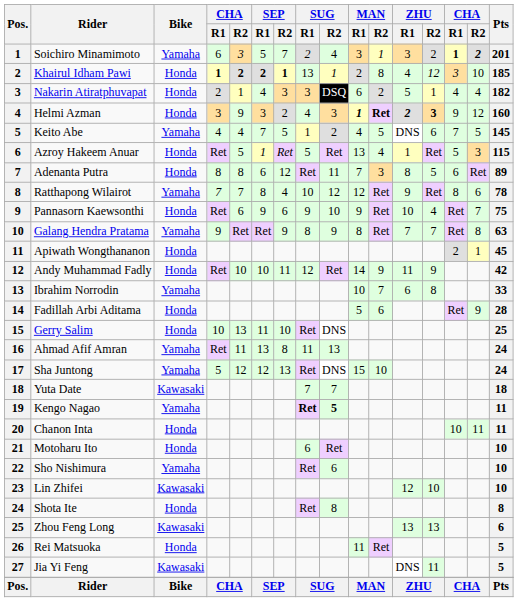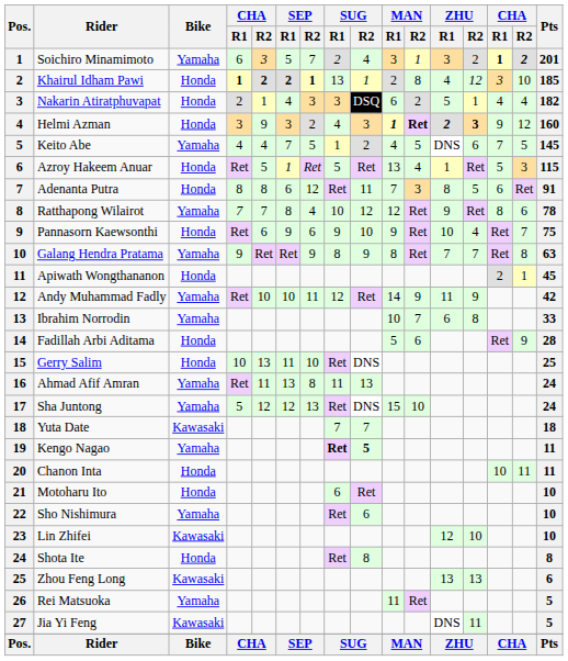 <table class="wikitable" style="font-size: 85%; text-align: center">
 <tr valign="top">
 <th valign="middle" rowspan=2>Pos.</th>
 <th valign="middle" rowspan=2>Rider</th>
 <th valign="middle" rowspan=2>Bike</th>
 <th colspan=2><a href='#'>CHA</a><br></th>
 <th colspan=2><a href='#'>SEP</a><br></th>
 <th colspan=2><a href='#'>SUG</a><br></th>
 <th colspan=2><a href='#'>MAN</a><br></th>
 <th colspan=2><a href='#'>ZHU</a><br></th>
 <th colspan=2><a href='#'>CHA</a><br></th>
 <th valign="middle" rowspan=2>Pts</th>
 </tr>
 <tr>
 <th>R1</th>
 <th>R2</th>
 <th>R1</th>
 <th>R2</th>
 <th>R1</th>
 <th>R2</th>
 <th>R1</th>
 <th>R2</th>
 <th>R1</th>
 <th>R2</th>
 <th>R1</th>
 <th>R2</th>
 </tr>
 <tr>
 <th>1</th>
 <td align=left> Soichiro Minamimoto</td>
 <td><a href='#'>Yamaha</a></td>
 <td style="background:#dfffdf;">6</td>
 <td style="background:#ffdf9f;"><em>3</em></td>
 <td style="background:#dfffdf;">5</td>
 <td style="background:#dfffdf;">7</td>
 <td style="background:#dfdfdf;"><em>2</em></td>
 <td style="background:#dfffdf;">4</td>
 <td style="background:#ffdf9d;">3</td>
 <td style="background:#ffffbf;"><em>1</em></td>
 <td style="background:#ffdf9f;">3</td>
 <td style="background:#dfdfdf;">2</td>
 <td style="background:#ffffbf;"><strong>1</strong></td>
 <td style="background:#dfdfdf;"><strong><em>2</em></strong></td>
 <th>201</th>
 </tr>
 <tr>
 <th>2</th>
 <td align=left> <a href='#'>Khairul Idham Pawi</a></td>
 <td><a href='#'>Honda</a></td>
 <td style="background:#ffffbf;"><strong>1</strong></td>
 <td style="background:#dfdfdf;"><strong>2</strong></td>
 <td style="background:#dfdfdf;"><strong>2</strong></td>
 <td style="background:#ffffbf;"><strong>1</strong></td>
 <td style="background:#dfffdf;">13</td>
 <td style="background:#ffffbf;"><em>1</em></td>
 <td style="background:#dfdfdf;">2</td>
 <td style="background:#dfffdf;">8</td>
 <td style="background:#dfffdf;">4</td>
 <td style="background:#dfffdf;"><em>12</em></td>
 <td style="background:#ffdf9f;"><em>3</em></td>
 <td style="background:#dfffdf;">10</td>
 <th>185</th>
 </tr>
 <tr>
 <th>3</th>
 <td align=left> <a href='#'>Nakarin Atiratphuvapat</a></td>
 <td><a href='#'>Honda</a></td>
 <td style="background:#dfdfdf;">2</td>
 <td style="background:#ffffbf;">1</td>
 <td style="background:#dfffdf;">4</td>
 <td style="background:#ffdf9f;">3</td>
 <td style="background:#ffdf9f;">3</td>
 <td style="background:#000000; letter-spacing:0px; color:white">DSQ</td>
 <td style="background:#dfffdf;">6</td>
 <td style="background:#dfdfdf;">2</td>
 <td style="background:#dfffdf;">5</td>
 <td style="background:#ffffbf;">1</td>
 <td style="background:#dfffdf;">4</td>
 <td style="background:#dfffdf;">4</td>
 <th>182</th>
 </tr>
 <tr>
 <th>4</th>
 <td align=left> Helmi Azman</td>
 <td><a href='#'>Honda</a></td>
 <td style="background:#ffdf9f;">3</td>
 <td style="background:#dfffdf;">9</td>
 <td style="background:#ffdf9f;">3</td>
 <td style="background:#dfdfdf;">2</td>
 <td style="background:#dfffdf;">4</td>
 <td style="background:#ffdf9f;">3</td>
 <td style="background:#ffffbf;"><strong><em>1</em></strong></td>
 <td style="background:#efcfff;"><strong>Ret</strong></td>
 <td style="background:#dfdfdf;"><strong><em>2</em></strong></td>
 <td style="background:#ffdf9f;"><strong>3</strong></td>
 <td style="background:#dfffdf;">9</td>
 <td style="background:#dfffdf;">12</td>
 <th>160</th>
 </tr>
 <tr>
 <th>5</th>
 <td align=left> Keito Abe</td>
 <td><a href='#'>Yamaha</a></td>
 <td style="background:#dfffdf;">4</td>
 <td style="background:#dfffdf;">4</td>
 <td style="background:#dfffdf;">7</td>
 <td style="background:#dfffdf;">5</td>
 <td style="background:#ffffbf;">1</td>
 <td style="background:#dfdfdf;">2</td>
 <td style="background:#dfffdf;">4</td>
 <td style="background:#dfffdf;">5</td>
 <td style="background:#ffffff;">DNS</td>
 <td style="background:#dfffdf;">6</td>
 <td style="background:#dfffdf;">7</td>
 <td style="background:#dfffdf;">5</td>
 <th>145</th>
 </tr>
 <tr>
 <th>6</th>
 <td align=left> Azroy Hakeem Anuar</td>
 <td><a href='#'>Honda</a></td>
 <td style="background:#efcfff;">Ret</td>
 <td style="background:#dfffdf;">5</td>
 <td style="background:#ffffbf;"><em>1</em></td>
 <td style="background:#efcfff;"><em>Ret</em></td>
 <td style="background:#dfffdf;">5</td>
 <td style="background:#efcfff;">Ret</td>
 <td style="background:#dfffdf;">13</td>
 <td style="background:#dfffdf;">4</td>
 <td style="background:#ffffbf;">1</td>
 <td style="background:#efcfff;">Ret</td>
 <td style="background:#dfffdf;">5</td>
 <td style="background:#ffdf9f;">3</td>
 <th>115</th>
 </tr>
 <tr>
 <th>7</th>
 <td align=left> Adenanta Putra</td>
 <td><a href='#'>Honda</a></td>
 <td style="background:#dfffdf;">8</td>
 <td style="background:#dfffdf;">8</td>
 <td style="background:#dfffdf;">6</td>
 <td style="background:#dfffdf;">12</td>
 <td style="background:#efcfff;">Ret</td>
 <td style="background:#dfffdf;">11</td>
 <td style="background:#dfffdf;">7</td>
 <td style="background:#ffdf9f;">3</td>
 <td style="background:#dfffdf;">8</td>
 <td style="background:#dfffdf;">5</td>
 <td style="background:#dfffdf;">6</td>
 <td style="background:#efcfff;">Ret</td>
-<th>89</th>
+<th>91</th>
 </tr>
 <tr>
 <th>8</th>
 <td align=left> Ratthapong Wilairot</td>
 <td><a href='#'>Yamaha</a></td>
 <td style="background:#dfffdf;"><em>7</em></td>
 <td style="background:#dfffdf;">7</td>
 <td style="background:#dfffdf;">8</td>
 <td style="background:#dfffdf;">4</td>
 <td style="background:#dfffdf;">10</td>
 <td style="background:#dfffdf;">12</td>
 <td style="background:#dfffdf;">12</td>
 <td style="background:#efcfff;">Ret</td>
 <td style="background:#dfffdf;">9</td>
 <td style="background:#efcfff;">Ret</td>
 <td style="background:#dfffdf;">8</td>
 <td style="background:#dfffdf;">6</td>
 <th>78</th>
 </tr>
 <tr>
 <th>9</th>
 <td align=left> Pannasorn Kaewsonthi</td>
 <td><a href='#'>Honda</a></td>
 <td style="background:#efcfff;">Ret</td>
 <td style="background:#dfffdf;">6</td>
 <td style="background:#dfffdf;">9</td>
 <td style="background:#dfffdf;">6</td>
 <td style="background:#dfffdf;">9</td>
 <td style="background:#dfffdf;">10</td>
 <td style="background:#dfffdf;">9</td>
 <td style="background:#efcfff;">Ret</td>
 <td style="background:#dfffdf;">10</td>
 <td style="background:#dfffdf;">4</td>
 <td style="background:#efcfff;">Ret</td>
 <td style="background:#dfffdf;">7</td>
 <th>75</th>
 </tr>
 <tr>
 <th>10</th>
 <td align=left> <a href='#'>Galang Hendra Pratama</a></td>
 <td><a href='#'>Yamaha</a></td>
 <td style="background:#dfffdf;">9</td>
 <td style="background:#efcfff;">Ret</td>
 <td style="background:#efcfff;">Ret</td>
 <td style="background:#dfffdf;">9</td>
 <td style="background:#dfffdf;">8</td>
 <td style="background:#dfffdf;">9</td>
 <td style="background:#dfffdf;">8</td>
 <td style="background:#efcfff;">Ret</td>
 <td style="background:#dfffdf;">7</td>
 <td style="background:#dfffdf;">7</td>
 <td style="background:#efcfff;">Ret</td>
 <td style="background:#dfffdf;">8</td>
 <th>63</th>
 </tr>
 <tr>
 <th>11</th>
 <td align=left> Apiwath Wongthananon</td>
 <td><a href='#'>Honda</a></td>
 <td></td>
 <td></td>
 <td></td>
 <td></td>
 <td></td>
 <td></td>
 <td></td>
 <td></td>
 <td></td>
 <td></td>
 <td style="background:#dfdfdf;">2</td>
 <td style="background:#ffffbf;">1</td>
 <th>45</th>
 </tr>
 <tr>
 <th>12</th>
 <td align=left> Andy Muhammad Fadly</td>
-<td><a href='#'>Honda</a></td>
+<td><a href='#'>Yamaha</a></td>
 <td style="background:#efcfff;">Ret</td>
 <td style="background:#dfffdf;">10</td>
 <td style="background:#dfffdf;">10</td>
 <td style="background:#dfffdf;">11</td>
 <td style="background:#dfffdf;">12</td>
 <td style="background:#efcfff;">Ret</td>
 <td style="background:#dfffdf;">14</td>
 <td style="background:#dfffdf;">9</td>
 <td style="background:#dfffdf;">11</td>
 <td style="background:#dfffdf;">9</td>
 <td style="background:#;"></td>
 <td style="background:#;"></td>
 <th>42</th>
 </tr>
 <tr>
 <th>13</th>
 <td align=left> Ibrahim Norrodin</td>
 <td><a href='#'>Yamaha</a></td>
 <td style="background:#;"></td>
 <td style="background:#;"></td>
 <td style="background:#;"></td>
 <td style="background:#;"></td>
 <td style="background:#;"></td>
 <td style="background:#;"></td>
 <td style="background:#dfffdf;">10</td>
 <td style="background:#dfffdf;">7</td>
 <td style="background:#dfffdf;">6</td>
 <td style="background:#dfffdf;">8</td>
 <td style="background:#;"></td>
 <td style="background:#;"></td>
 <th>33</th>
 </tr>
 <tr>
 <th>14</th>
 <td align=left> Fadillah Arbi Aditama</td>
 <td><a href='#'>Honda</a></td>
 <td style="background:#;"></td>
 <td style="background:#;"></td>
 <td style="background:#;"></td>
 <td style="background:#;"></td>
 <td style="background:#;"></td>
 <td style="background:#;"></td>
 <td style="background:#dfffdf;">5</td>
 <td style="background:#dfffdf;">6</td>
 <td style="background:#;"></td>
 <td style="background:#;"></td>
 <td style="background:#efcfff;">Ret</td>
 <td style="background:#dfffdf;">9</td>
 <th>28</th>
 </tr>
 <tr>
 <th>15</th>
 <td align=left> <a href='#'>Gerry Salim</a></td>
 <td><a href='#'>Honda</a></td>
 <td style="background:#dfffdf;">10</td>
 <td style="background:#dfffdf;">13</td>
 <td style="background:#dfffdf;">11</td>
 <td style="background:#dfffdf;">10</td>
 <td style="background:#efcfff;">Ret</td>
 <td style="background:#ffffff;">DNS</td>
 <td style="background:#;"></td>
 <td style="background:#;"></td>
 <td style="background:#;"></td>
 <td style="background:#;"></td>
 <td style="background:#;"></td>
 <td style="background:#;"></td>
 <th>25</th>
 </tr>
 <tr>
 <th>16</th>
 <td align=left> Ahmad Afif Amran</td>
 <td><a href='#'>Yamaha</a></td>
 <td style="background:#efcfff;">Ret</td>
 <td style="background:#dfffdf;">11</td>
 <td style="background:#dfffdf;">13</td>
 <td style="background:#dfffdf;">8</td>
 <td style="background:#dfffdf;">11</td>
 <td style="background:#dfffdf;">13</td>
 <td style="background:#;"></td>
 <td style="background:#;"></td>
 <td style="background:#;"></td>
 <td style="background:#;"></td>
 <td style="background:#;"></td>
 <td style="background:#;"></td>
 <th>24</th>
 </tr>
 <tr>
 <th>17</th>
 <td align=left> Sha Juntong</td>
 <td><a href='#'>Yamaha</a></td>
 <td style="background:#dfffdf;">5</td>
 <td style="background:#dfffdf;">12</td>
 <td style="background:#dfffdf;">12</td>
 <td style="background:#dfffdf;">13</td>
 <td style="background:#efcfff;">Ret</td>
 <td style="background:#ffffff;">DNS</td>
 <td style="background:#dfffdf;">15</td>
 <td style="background:#dfffdf;">10</td>
 <td style="background:#;"></td>
 <td style="background:#;"></td>
 <td style="background:#;"></td>
 <td style="background:#;"></td>
 <th>24</th>
 </tr>
 <tr>
 <th>18</th>
 <td align=left> Yuta Date</td>
 <td><a href='#'>Kawasaki</a></td>
 <td style="background:#;"></td>
 <td style="background:#;"></td>
 <td style="background:#;"></td>
 <td style="background:#;"></td>
 <td style="background:#dfffdf;">7</td>
 <td style="background:#dfffdf;">7</td>
 <td style="background:#;"></td>
 <td style="background:#;"></td>
 <td style="background:#;"></td>
 <td style="background:#;"></td>
 <td style="background:#;"></td>
 <td style="background:#;"></td>
 <th>18</th>
 </tr>
 <tr>
 <th>19</th>
 <td align=left> Kengo Nagao</td>
 <td><a href='#'>Yamaha</a></td>
 <td style="background:#;"></td>
 <td style="background:#;"></td>
 <td style="background:#;"></td>
 <td style="background:#;"></td>
 <td style="background:#efcfff;"><strong>Ret</strong></td>
 <td style="background:#dfffdf;"><strong>5</strong></td>
 <td style="background:#;"></td>
 <td style="background:#;"></td>
 <td style="background:#;"></td>
 <td style="background:#;"></td>
 <td style="background:#;"></td>
 <td style="background:#;"></td>
 <th>11</th>
 </tr>
 <tr>
 <th>20</th>
 <td align=left> Chanon Inta</td>
 <td><a href='#'>Honda</a></td>
 <td></td>
 <td></td>
 <td></td>
 <td></td>
 <td></td>
 <td></td>
 <td></td>
 <td></td>
 <td></td>
 <td></td>
 <td style="background:#dfffdf;">10</td>
 <td style="background:#dfffdf;">11</td>
 <th>11</th>
 </tr>
 <tr>
 <th>21</th>
 <td align=left> Motoharu Ito</td>
 <td><a href='#'>Honda</a></td>
 <td style="background:#;"></td>
 <td style="background:#;"></td>
 <td style="background:#;"></td>
 <td style="background:#;"></td>
 <td style="background:#dfffdf;">6</td>
 <td style="background:#efcfff;">Ret</td>
 <td style="background:#;"></td>
 <td style="background:#;"></td>
 <td style="background:#;"></td>
 <td style="background:#;"></td>
 <td style="background:#;"></td>
 <td style="background:#;"></td>
 <th>10</th>
 </tr>
 <tr>
 <th>22</th>
 <td align=left> Sho Nishimura</td>
 <td><a href='#'>Yamaha</a></td>
 <td style="background:#;"></td>
 <td style="background:#;"></td>
 <td style="background:#;"></td>
 <td style="background:#;"></td>
 <td style="background:#efcfff;">Ret</td>
 <td style="background:#dfffdf;">6</td>
 <td style="background:#;"></td>
 <td style="background:#;"></td>
 <td style="background:#;"></td>
 <td style="background:#;"></td>
 <td style="background:#;"></td>
 <td style="background:#;"></td>
 <th>10</th>
 </tr>
 <tr>
 <th>23</th>
 <td align=left> Lin Zhifei</td>
 <td><a href='#'>Kawasaki</a></td>
 <td style="background:#;"></td>
 <td style="background:#;"></td>
 <td style="background:#;"></td>
 <td style="background:#;"></td>
 <td style="background:#;"></td>
 <td style="background:#;"></td>
 <td style="background:#;"></td>
 <td style="background:#;"></td>
 <td style="background:#dfffdf;">12</td>
 <td style="background:#dfffdf;">10</td>
 <td style="background:#;"></td>
 <td style="background:#;"></td>
 <th>10</th>
 </tr>
 <tr>
 <th>24</th>
 <td align=left> Shota Ite</td>
 <td><a href='#'>Honda</a></td>
 <td style="background:#;"></td>
 <td style="background:#;"></td>
 <td style="background:#;"></td>
 <td style="background:#;"></td>
 <td style="background:#efcfff;">Ret</td>
 <td style="background:#dfffdf;">8</td>
 <td style="background:#;"></td>
 <td style="background:#;"></td>
 <td style="background:#;"></td>
 <td style="background:#;"></td>
 <td style="background:#;"></td>
 <td style="background:#;"></td>
 <th>8</th>
 </tr>
 <tr>
 <th>25</th>
 <td align=left> Zhou Feng Long</td>
 <td><a href='#'>Kawasaki</a></td>
 <td style="background:#;"></td>
 <td style="background:#;"></td>
 <td style="background:#;"></td>
 <td style="background:#;"></td>
 <td style="background:#;"></td>
 <td style="background:#;"></td>
 <td style="background:#;"></td>
 <td style="background:#;"></td>
 <td style="background:#dfffdf;">13</td>
 <td style="background:#dfffdf;">13</td>
 <td style="background:#;"></td>
 <td style="background:#;"></td>
 <th>6</th>
 </tr>
 <tr>
 <th>26</th>
 <td align=left> Rei Matsuoka</td>
-<td><a href='#'>Honda</a></td>
+<td><a href='#'>Yamaha</a></td>
 <td style="background:#;"></td>
 <td style="background:#;"></td>
 <td style="background:#;"></td>
 <td style="background:#;"></td>
 <td style="background:#;"></td>
 <td style="background:#;"></td>
 <td style="background:#dfffdf;">11</td>
 <td style="background:#efcfff;">Ret</td>
 <td style="background:#;"></td>
 <td style="background:#;"></td>
 <td style="background:#;"></td>
 <td style="background:#;"></td>
 <th>5</th>
 </tr>
 <tr>
 <th>27</th>
 <td align=left> Jia Yi Feng</td>
 <td><a href='#'>Kawasaki</a></td>
 <td style="background:#;"></td>
 <td style="background:#;"></td>
 <td style="background:#;"></td>
 <td style="background:#;"></td>
 <td style="background:#;"></td>
 <td style="background:#;"></td>
 <td style="background:#;"></td>
 <td style="background:#;"></td>
 <td style="background:#ffffff;">DNS</td>
 <td style="background:#dfffdf;">11</td>
 <td style="background:#;"></td>
 <td style="background:#;"></td>
 <th>5</th>
 </tr>
 <tr>
 </tr>
 <tr valign="top">
 <th valign="middle">Pos.</th>
 <th valign="middle">Rider</th>
 <th valign="middle">Bike</th>
 <th colspan=2><a href='#'>CHA</a><br></th>
 <th colspan=2><a href='#'>SEP</a><br></th>
 <th colspan=2><a href='#'>SUG</a><br></th>
 <th colspan=2><a href='#'>MAN</a><br></th>
 <th colspan=2><a href='#'>ZHU</a><br></th>
 <th colspan=2><a href='#'>CHA</a><br></th>
 <th valign="middle">Pts</th>
 </tr>
 </table>
